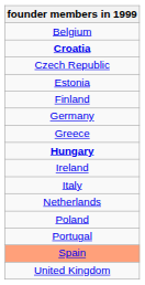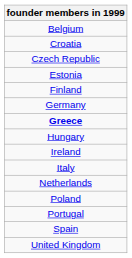 <table class="wikitable" style="float:left; margin-right:1em; text-align: center">
 <tr>
 <th>founder members in 1999</th>
 </tr>
 <tr>
 <td><a href='#'>Belgium</a></td>
 </tr>
 <tr>
-<td><strong><a href='#'>Croatia</a></strong></td>
+<td><a href='#'>Croatia</a></td>
 </tr>
 <tr>
 <td><a href='#'>Czech Republic</a></td>
 </tr>
 <tr>
 <td><a href='#'>Estonia</a></td>
 </tr>
 <tr>
 <td><a href='#'>Finland</a></td>
 </tr>
 <tr>
 <td><a href='#'>Germany</a></td>
 </tr>
 <tr>
-<td><a href='#'>Greece</a></td>
+<td><strong><a href='#'>Greece</a></strong></td>
 </tr>
 <tr>
-<td><strong><a href='#'>Hungary</a></strong></td>
+<td><a href='#'>Hungary</a></td>
 </tr>
 <tr>
 <td><a href='#'>Ireland</a></td>
 </tr>
 <tr>
 <td><a href='#'>Italy</a></td>
 </tr>
 <tr>
 <td><a href='#'>Netherlands</a></td>
 </tr>
 <tr>
 <td><a href='#'>Poland</a></td>
 </tr>
 <tr>
 <td><a href='#'>Portugal</a></td>
 </tr>
 <tr>
-<td style="background: lightsalmon;"><a href='#'>Spain</a></td>
+<td><a href='#'>Spain</a></td>
 </tr>
 <tr>
 <td><a href='#'>United Kingdom</a></td>
 </tr>
 </table>
